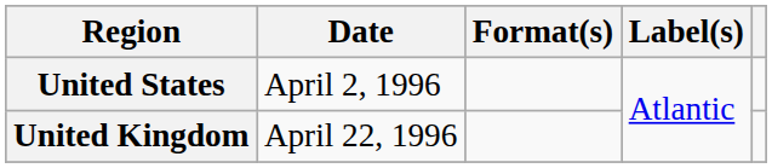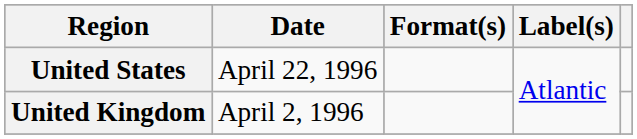 <table class="wikitable plainrowheaders">
 <tr>
 <th scope="col">Region</th>
 <th scope="col">Date</th>
 <th scope="col">Format(s)</th>
 <th scope="col">Label(s)</th>
 <th scope="col"></th>
 </tr>
 <tr>
 <th scope="row">United States</th>
-<td>April 2, 1996</td>
+<td>April 22, 1996</td>
 <td></td>
 <td rowspan="2"><a href='#'>Atlantic</a></td>
 <td></td>
 </tr>
 <tr>
 <th scope="row">United Kingdom</th>
-<td>April 22, 1996</td>
+<td>April 2, 1996</td>
 <td></td>
 <td></td>
 </tr>
 </table>
